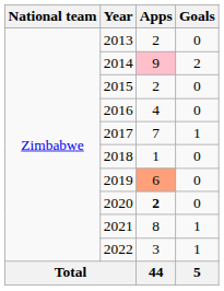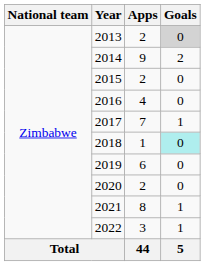 <table class="wikitable" style="text-align:center">
 <tr>
 <th>National team</th>
 <th>Year</th>
 <th>Apps</th>
 <th>Goals</th>
 </tr>
 <tr>
 <td rowspan="10"><a href='#'>Zimbabwe</a></td>
 <td>2013</td>
 <td>2</td>
-<td>0</td>
+<td style="background: lightgrey;">0</td>
 </tr>
 <tr>
 <td>2014</td>
-<td style="background: pink;">9</td>
+<td>9</td>
 <td>2</td>
 </tr>
 <tr>
 <td>2015</td>
 <td>2</td>
 <td>0</td>
 </tr>
 <tr>
 <td>2016</td>
 <td>4</td>
 <td>0</td>
 </tr>
 <tr>
 <td>2017</td>
 <td>7</td>
 <td>1</td>
 </tr>
 <tr>
 <td>2018</td>
 <td>1</td>
-<td>0</td>
+<td style="background: paleturquoise;">0</td>
 </tr>
 <tr>
 <td>2019</td>
-<td style="background: lightsalmon;">6</td>
+<td>6</td>
 <td>0</td>
 </tr>
 <tr>
 <td>2020</td>
-<td><strong>2</strong></td>
+<td>2</td>
 <td>0</td>
 </tr>
 <tr>
 <td>2021</td>
 <td>8</td>
 <td>1</td>
 </tr>
 <tr>
 <td>2022</td>
 <td>3</td>
 <td>1</td>
 </tr>
 <tr>
 <th colspan="2">Total</th>
 <th>44</th>
 <th>5</th>
 </tr>
 </table>
